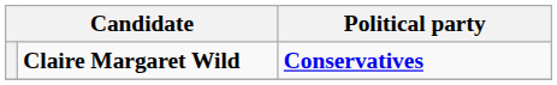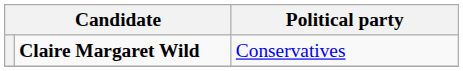 <table class="wikitable">
 <tr>
 <th valign=top colspan="2" style="width: 180px">Candidate</th>
 <th valign=top style="width: 180px">Political party</th>
 </tr>
 <tr>
 <th style="background-color: "></th>
 <td><strong>Claire Margaret Wild</strong></td>
-<td><strong><a href='#'>Conservatives</a></strong></td>
+<td><a href='#'>Conservatives</a></td>
 </tr>
 <tr>
 </tr>
 </table>
